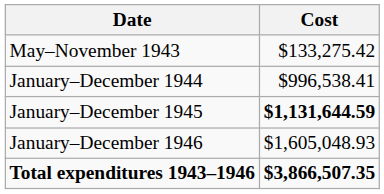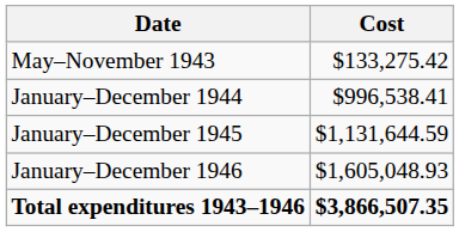 <table class="wikitable" style="margin-left: auto; margin-right: auto; border: none;">
 <tr>
 <th>Date</th>
 <th>Cost</th>
 </tr>
 <tr>
 <td>May–November 1943</td>
 <td align=right>$133,275.42</td>
 </tr>
 <tr>
 <td>January–December 1944</td>
 <td align=right>$996,538.41</td>
 </tr>
 <tr>
 <td>January–December 1945</td>
-<td align=right><strong>$1,131,644.59</strong></td>
+<td align=right>$1,131,644.59</td>
 </tr>
 <tr>
 <td>January–December 1946</td>
 <td align=right>$1,605,048.93</td>
 </tr>
 <tr>
 <td><strong>Total expenditures 1943–1946</strong></td>
 <td align=right><strong>$3,866,507.35</strong></td>
 </tr>
 </table>
